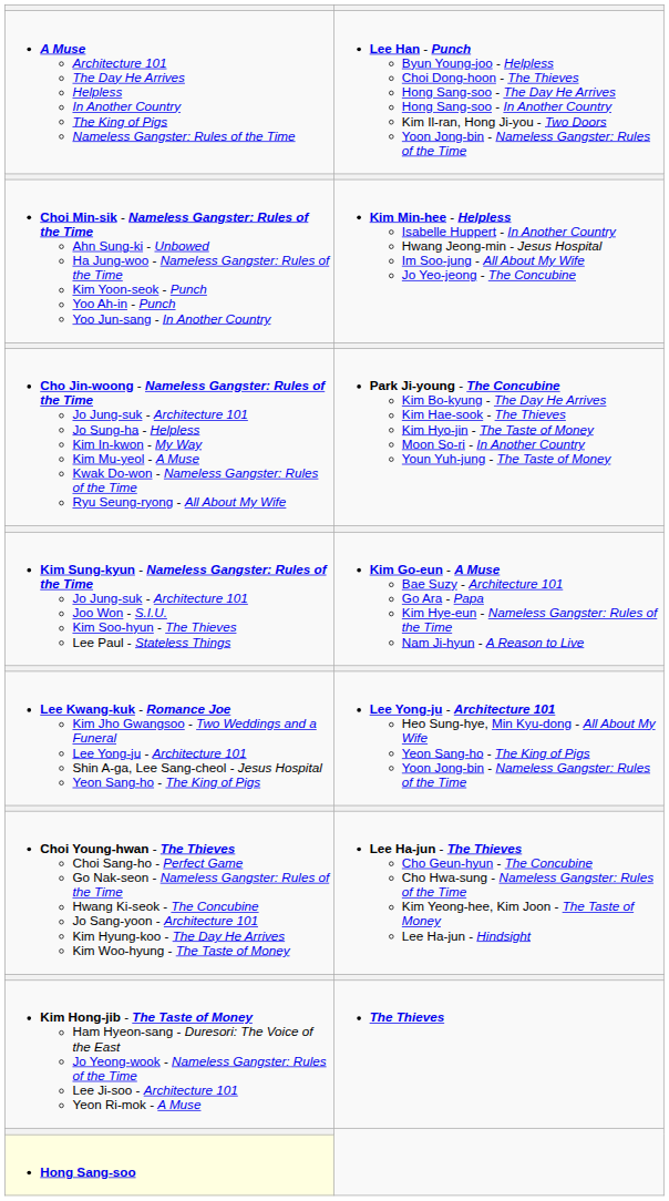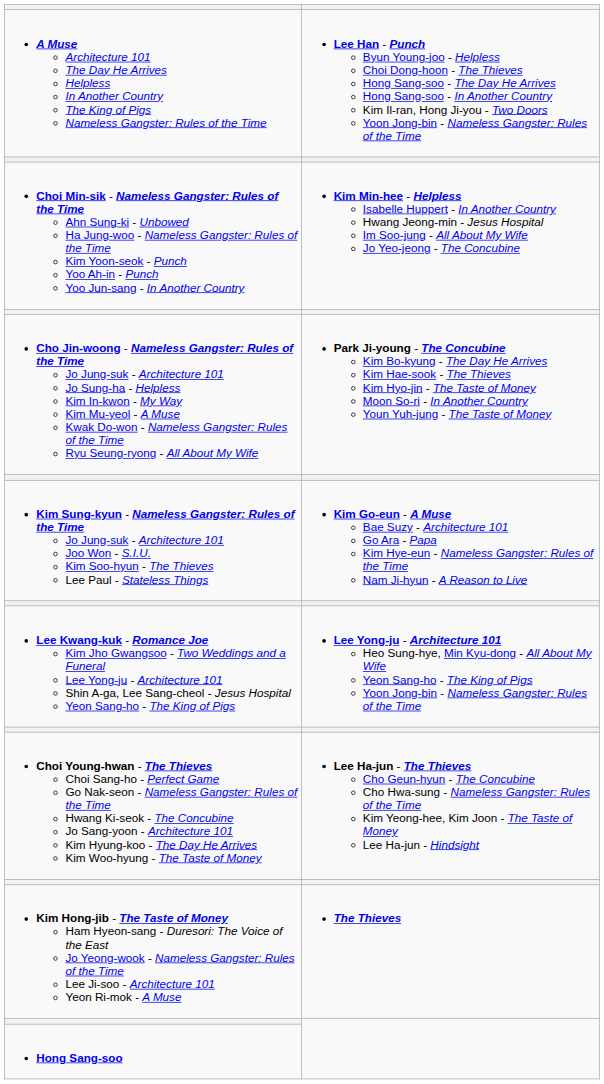 <table class="wikitable">
 <tr>
 <th style="width:400px;"></th>
 <th style="width:400px;"></th>
 </tr>
 <tr>
 <td valign="top"><br><ul><li><strong><em><a href='#'>A Muse</a></em></strong><ul><li><em><a href='#'>Architecture 101</a></em></li><li><em><a href='#'>The Day He Arrives</a></em></li><li><em><a href='#'>Helpless</a></em></li><li><em><a href='#'>In Another Country</a></em></li><li><em><a href='#'>The King of Pigs</a></em></li><li><em><a href='#'>Nameless Gangster: Rules of the Time</a></em></li></ul></li></ul></td>
 <td valign="top"><br><ul><li><strong><a href='#'>Lee Han</a></strong> - <strong><em><a href='#'>Punch</a></em></strong><ul><li><a href='#'>Byun Young-joo</a> - <em><a href='#'>Helpless</a></em></li><li><a href='#'>Choi Dong-hoon</a> - <em><a href='#'>The Thieves</a></em></li><li><a href='#'>Hong Sang-soo</a> - <em><a href='#'>The Day He Arrives</a></em></li><li><a href='#'>Hong Sang-soo</a> - <em><a href='#'>In Another Country</a></em></li><li>Kim Il-ran, Hong Ji-you - <em><a href='#'>Two Doors</a></em></li><li><a href='#'>Yoon Jong-bin</a> - <em><a href='#'>Nameless Gangster: Rules of the Time</a></em></li></ul></li></ul></td>
 </tr>
 <tr>
 <th></th>
 <th></th>
 </tr>
 <tr>
 <td valign="top"><br><ul><li><strong><a href='#'>Choi Min-sik</a></strong> - <strong><em><a href='#'>Nameless Gangster: Rules of the Time</a></em></strong><ul><li><a href='#'>Ahn Sung-ki</a> - <em><a href='#'>Unbowed</a></em></li><li><a href='#'>Ha Jung-woo</a> - <em><a href='#'>Nameless Gangster: Rules of the Time</a></em></li><li><a href='#'>Kim Yoon-seok</a> - <em><a href='#'>Punch</a></em></li><li><a href='#'>Yoo Ah-in</a> - <em><a href='#'>Punch</a></em></li><li><a href='#'>Yoo Jun-sang</a> - <em><a href='#'>In Another Country</a></em></li></ul></li></ul></td>
 <td valign="top"><br><ul><li><strong><a href='#'>Kim Min-hee</a></strong> - <strong><em><a href='#'>Helpless</a></em></strong><ul><li><a href='#'>Isabelle Huppert</a> - <em><a href='#'>In Another Country</a></em></li><li>Hwang Jeong-min - <em>Jesus Hospital</em></li><li><a href='#'>Im Soo-jung</a> - <em><a href='#'>All About My Wife</a></em></li><li><a href='#'>Jo Yeo-jeong</a> - <em><a href='#'>The Concubine</a></em></li></ul></li></ul></td>
 </tr>
 <tr>
 <th></th>
 <th></th>
 </tr>
 <tr>
 <td valign="top"><br><ul><li><strong><a href='#'>Cho Jin-woong</a></strong> - <strong><em><a href='#'>Nameless Gangster: Rules of the Time</a></em></strong><ul><li><a href='#'>Jo Jung-suk</a> - <em><a href='#'>Architecture 101</a></em></li><li><a href='#'>Jo Sung-ha</a> - <em><a href='#'>Helpless</a></em></li><li><a href='#'>Kim In-kwon</a> - <em><a href='#'>My Way</a></em></li><li><a href='#'>Kim Mu-yeol</a> - <em><a href='#'>A Muse</a></em></li><li><a href='#'>Kwak Do-won</a> - <em><a href='#'>Nameless Gangster: Rules of the Time</a></em></li><li><a href='#'>Ryu Seung-ryong</a> - <em><a href='#'>All About My Wife</a></em></li></ul></li></ul></td>
 <td valign="top"><br><ul><li><strong>Park Ji-young</strong> - <strong><em><a href='#'>The Concubine</a></em></strong><ul><li><a href='#'>Kim Bo-kyung</a> - <em><a href='#'>The Day He Arrives</a></em></li><li><a href='#'>Kim Hae-sook</a> - <em><a href='#'>The Thieves</a></em></li><li><a href='#'>Kim Hyo-jin</a> - <em><a href='#'>The Taste of Money</a></em></li><li><a href='#'>Moon So-ri</a> - <em><a href='#'>In Another Country</a></em></li><li><a href='#'>Youn Yuh-jung</a> - <em><a href='#'>The Taste of Money</a></em></li></ul></li></ul></td>
 </tr>
 <tr>
 <th></th>
 <th></th>
 </tr>
 <tr>
 <td valign="top"><br><ul><li><strong><a href='#'>Kim Sung-kyun</a></strong>  - <strong><em><a href='#'>Nameless Gangster: Rules of the Time</a></em></strong><ul><li><a href='#'>Jo Jung-suk</a> - <em><a href='#'>Architecture 101</a></em></li><li><a href='#'>Joo Won</a> - <em><a href='#'>S.I.U.</a></em></li><li><a href='#'>Kim Soo-hyun</a> - <em><a href='#'>The Thieves</a></em></li><li>Lee Paul  - <em><a href='#'>Stateless Things</a></em></li></ul></li></ul></td>
 <td valign="top"><br><ul><li><strong><a href='#'>Kim Go-eun</a></strong> - <strong><em><a href='#'>A Muse</a></em></strong><ul><li><a href='#'>Bae Suzy</a> - <em><a href='#'>Architecture 101</a></em></li><li><a href='#'>Go Ara</a> - <em><a href='#'>Papa</a></em></li><li><a href='#'>Kim Hye-eun</a>  - <em><a href='#'>Nameless Gangster: Rules of the Time</a></em></li><li><a href='#'>Nam Ji-hyun</a> - <em><a href='#'>A Reason to Live</a></em></li></ul></li></ul></td>
 </tr>
 <tr>
 <th></th>
 <th></th>
 </tr>
 <tr>
 <td valign="top"><br><ul><li><strong><a href='#'>Lee Kwang-kuk</a></strong>  - <strong><em><a href='#'>Romance Joe</a></em></strong><ul><li><a href='#'>Kim Jho Gwangsoo</a> - <em><a href='#'>Two Weddings and a Funeral</a></em></li><li><a href='#'>Lee Yong-ju</a> - <em><a href='#'>Architecture 101</a></em></li><li>Shin A-ga, Lee Sang-cheol - <em>Jesus Hospital</em></li><li><a href='#'>Yeon Sang-ho</a> - <em><a href='#'>The King of Pigs</a></em></li></ul></li></ul></td>
 <td valign="top"><br><ul><li><strong><a href='#'>Lee Yong-ju</a></strong> - <strong><em><a href='#'>Architecture 101</a></em></strong><ul><li>Heo Sung-hye, <a href='#'>Min Kyu-dong</a> - <em><a href='#'>All About My Wife</a></em></li><li><a href='#'>Yeon Sang-ho</a> - <em><a href='#'>The King of Pigs</a></em></li><li><a href='#'>Yoon Jong-bin</a> - <em><a href='#'>Nameless Gangster: Rules of the Time</a></em></li></ul></li></ul></td>
 </tr>
 <tr>
 <th></th>
 <th></th>
 </tr>
 <tr>
 <td valign="top"><br><ul><li><strong>Choi Young-hwan</strong> - <strong><em><a href='#'>The Thieves</a></em></strong><ul><li>Choi Sang-ho - <em><a href='#'>Perfect Game</a></em></li><li>Go Nak-seon - <em><a href='#'>Nameless Gangster: Rules of the Time</a></em></li><li>Hwang Ki-seok - <em><a href='#'>The Concubine</a></em></li><li>Jo Sang-yoon - <em><a href='#'>Architecture 101</a></em></li><li>Kim Hyung-koo - <em><a href='#'>The Day He Arrives</a></em></li><li>Kim Woo-hyung - <em><a href='#'>The Taste of Money</a></em></li></ul></li></ul></td>
 <td valign="top"><br><ul><li><strong>Lee Ha-jun</strong> - <strong><em><a href='#'>The Thieves</a></em></strong><ul><li><a href='#'>Cho Geun-hyun</a> - <em><a href='#'>The Concubine</a></em></li><li>Cho Hwa-sung - <em><a href='#'>Nameless Gangster: Rules of the Time</a></em></li><li>Kim Yeong-hee, Kim Joon - <em><a href='#'>The Taste of Money</a></em></li><li>Lee Ha-jun - <em><a href='#'>Hindsight</a></em></li></ul></li></ul></td>
 </tr>
 <tr>
 <th></th>
 <th></th>
 </tr>
 <tr>
 <td valign="top"><br><ul><li><strong>Kim Hong-jib</strong> - <strong><em><a href='#'>The Taste of Money</a></em></strong><ul><li>Ham Hyeon-sang - <em>Duresori: The Voice of the East</em></li><li><a href='#'>Jo Yeong-wook</a> - <em><a href='#'>Nameless Gangster: Rules of the Time</a></em></li><li>Lee Ji-soo - <em><a href='#'>Architecture 101</a></em></li><li>Yeon Ri-mok - <em><a href='#'>A Muse</a></em></li></ul></li></ul></td>
 <td valign="top"><br><ul><li><strong><em><a href='#'>The Thieves</a></em></strong></li></ul></td>
 </tr>
 <tr>
 <th></th>
 </tr>
 <tr>
-<td valign="top" style="background: lightyellow;"><br><ul><li><strong><a href='#'>Hong Sang-soo</a></strong></li></ul></td>
+<td valign="top"><br><ul><li><strong><a href='#'>Hong Sang-soo</a></strong></li></ul></td>
 </tr>
 </table>
